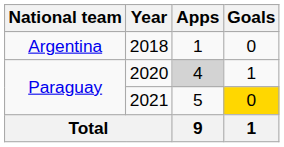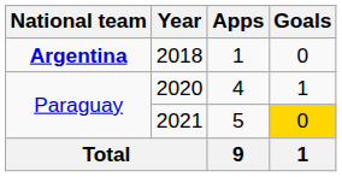 <table class="wikitable" style="text-align:center">
 <tr>
 <th>National team</th>
 <th>Year</th>
 <th>Apps</th>
 <th>Goals</th>
 </tr>
 <tr>
-<td><a href='#'>Argentina</a></td>
+<td><strong><a href='#'>Argentina</a></strong></td>
 <td>2018</td>
 <td>1</td>
 <td>0</td>
 </tr>
 <tr>
 <td rowspan="2"><a href='#'>Paraguay</a></td>
 <td>2020</td>
-<td style="background: lightgrey;">4</td>
+<td>4</td>
 <td>1</td>
 </tr>
 <tr>
 <td>2021</td>
 <td>5</td>
 <td style="background: gold;">0</td>
 </tr>
 <tr>
 <th colspan="2">Total</th>
 <th>9</th>
 <th>1</th>
 </tr>
 </table>
